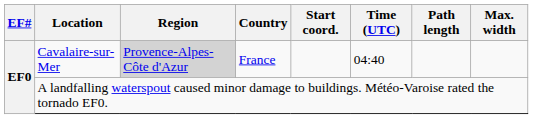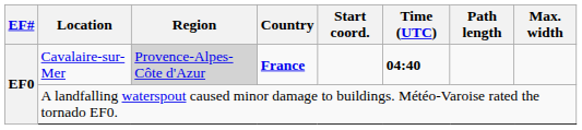 <table class="wikitable sortable" style="width:100%;">
 <tr>
 <th scope="col" width="2%" align="center"><a href='#'>EF#</a></th>
 <th scope="col" align="center" class="unsortable">Location</th>
 <th scope="col" align="center" class="unsortable">Region</th>
 <th scope="col" align="center">Country</th>
 <th scope="col" align="center">Start coord.</th>
 <th scope="col" align="center">Time (<a href='#'>UTC</a>)</th>
 <th scope="col" align="center">Path length</th>
 <th scope="col" align="center">Max. width</th>
 </tr>
 <tr>
 <th scope="row" rowspan="2" style="background-color:#">EF0</th>
 <td><a href='#'>Cavalaire-sur-Mer</a></td>
 <td style="background: lightgrey;"><a href='#'>Provence-Alpes-Côte d'Azur</a></td>
-<td><a href='#'>France</a></td>
+<td><strong><a href='#'>France</a></strong></td>
 <td></td>
-<td>04:40</td>
+<td><strong>04:40</strong></td>
 <td></td>
 <td></td>
 </tr>
 <tr class="expand-child">
 <td colspan="8" style=" border-bottom: 1px solid black;">A landfalling <a href='#'>waterspout</a> caused minor damage to buildings. Météo-Varoise rated the tornado EF0.</td>
 </tr>
 </table>
